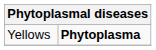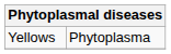 <table class="wikitable" style="clear:left">
 <tr>
 <th colspan=2><strong>Phytoplasmal diseases</strong><br></th>
 </tr>
 <tr>
 <td>Yellows</td>
-<td><strong>Phytoplasma</strong></td>
+<td>Phytoplasma</td>
 </tr>
 <tr>
 </tr>
 </table>
